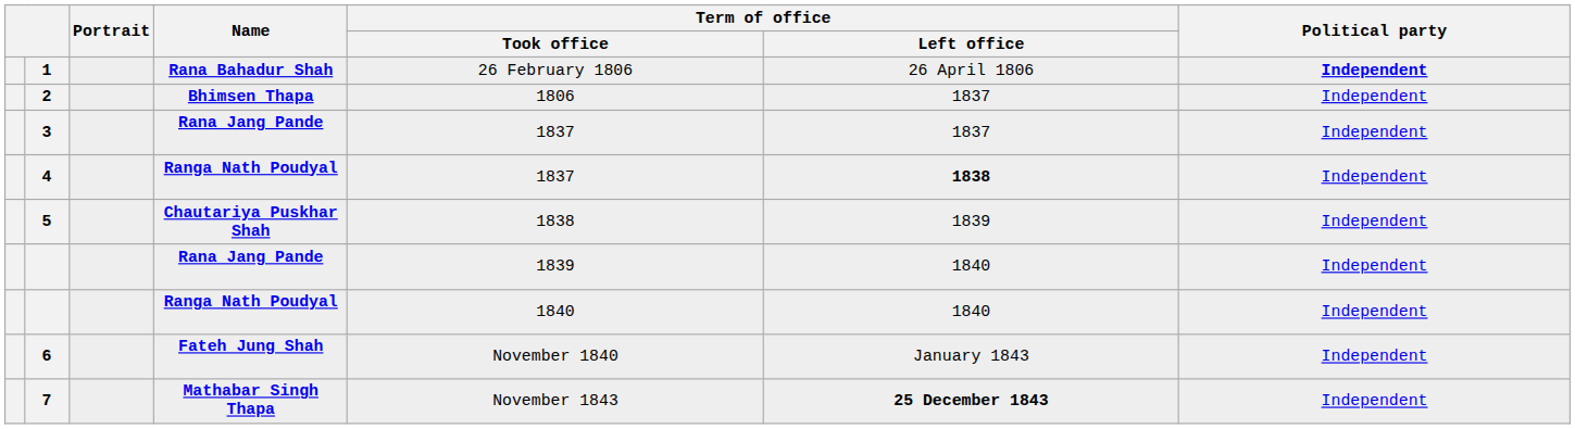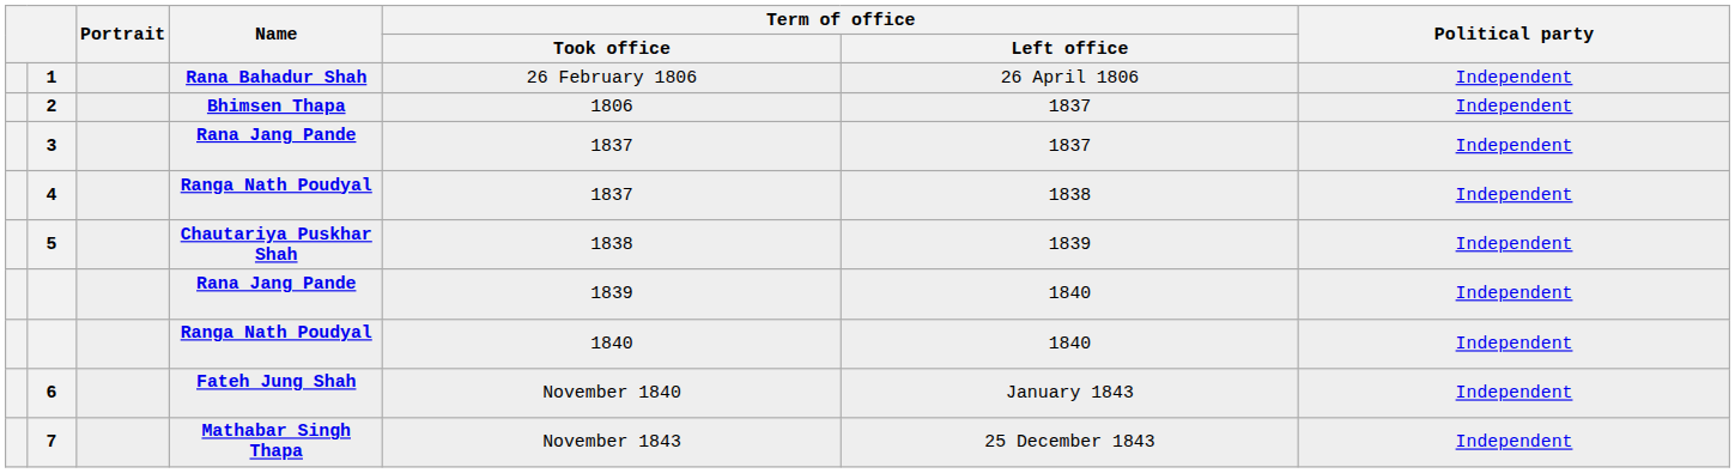 <table class="wikitable" style="text-align:center; border:1px #aaf solid; width:100%;">
 <tr>
 <th rowspan="2" colspan="2"></th>
 <th rowspan="2" style="width:60px;">Portrait</th>
 <th rowspan="2" style="width:150px;">Name<br></th>
 <th colspan="2">Term of office</th>
 <th rowspan="2">Political party</th>
 </tr>
 <tr>
 <th>Took office</th>
 <th>Left office</th>
 </tr>
 <tr style="background:#EEEEEE">
 <th style="background:"></th>
 <th>1</th>
 <td></td>
 <td><strong><a href='#'>Rana Bahadur Shah</a></strong><br></td>
 <td>26 February 1806</td>
 <td>26 April 1806</td>
-<td><strong><a href='#'>Independent</a></strong></td>
+<td><a href='#'>Independent</a></td>
 </tr>
 <tr style="background:#EEEEEE">
 <th style="background:"></th>
 <th>2</th>
 <td></td>
 <td><strong><a href='#'>Bhimsen Thapa</a></strong><br></td>
 <td>1806</td>
 <td>1837</td>
 <td><a href='#'>Independent</a></td>
 </tr>
 <tr style="background:#EEEEEE">
 <th style="background:"></th>
 <th>3</th>
 <td></td>
 <td><strong><a href='#'>Rana Jang Pande</a></strong><br><br></td>
 <td>1837</td>
 <td>1837</td>
 <td><a href='#'>Independent</a></td>
 </tr>
 <tr style="background:#EEEEEE">
 <th style="background:"></th>
 <th>4</th>
 <td></td>
 <td><strong><a href='#'>Ranga Nath Poudyal</a></strong><br><br></td>
 <td>1837</td>
-<td><strong>1838</strong></td>
+<td>1838</td>
 <td><a href='#'>Independent</a></td>
 </tr>
 <tr style="background:#EEEEEE">
 <th style="background:"></th>
 <th>5</th>
 <td></td>
 <td><strong><a href='#'>Chautariya Puskhar Shah</a></strong><br></td>
 <td>1838</td>
 <td>1839</td>
 <td><a href='#'>Independent</a></td>
 </tr>
 <tr style="background:#EEEEEE">
 <th style="background:"></th>
 <th></th>
 <td></td>
 <td><strong><a href='#'>Rana Jang Pande</a></strong><br><br></td>
 <td>1839</td>
 <td>1840</td>
 <td><a href='#'>Independent</a></td>
 </tr>
 <tr style="background:#EEEEEE">
 <th style="background:"></th>
 <th></th>
 <td></td>
 <td><strong><a href='#'>Ranga Nath Poudyal</a></strong><br><br></td>
 <td>1840</td>
 <td>1840</td>
 <td><a href='#'>Independent</a></td>
 </tr>
 <tr style="background:#EEEEEE">
 <th style="background:"></th>
 <th>6</th>
 <td></td>
 <td><strong><a href='#'>Fateh Jung Shah</a></strong><br><br></td>
 <td>November 1840</td>
 <td>January 1843</td>
 <td><a href='#'>Independent</a></td>
 </tr>
 <tr style="background:#EEEEEE">
 <th style="background:"></th>
 <th>7</th>
 <td></td>
 <td><strong><a href='#'>Mathabar Singh Thapa</a></strong><br></td>
 <td>November 1843</td>
-<td><strong>25 December 1843</strong></td>
+<td>25 December 1843</td>
 <td><a href='#'>Independent</a></td>
 </tr>
 </table>
